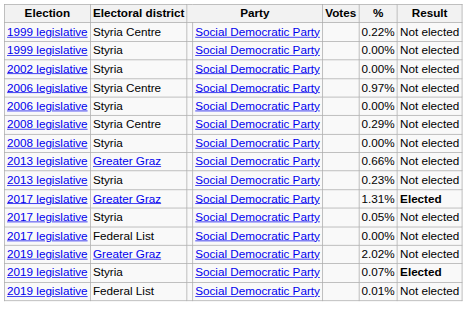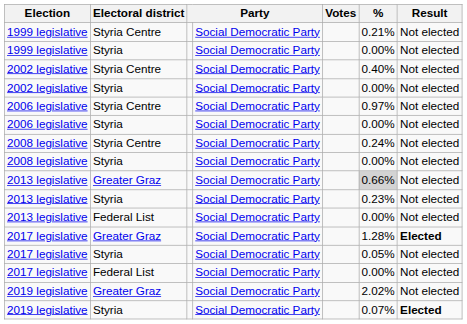 <table class="wikitable" style="text-align:left;">
 <tr>
 <th scope=col>Election</th>
 <th scope=col>Electoral district</th>
 <th scope=col colspan="2">Party</th>
 <th scope=col>Votes</th>
 <th scope=col>%</th>
 <th scope=col>Result</th>
 </tr>
 <tr>
 <td><a href='#'>1999 legislative</a></td>
 <td>Styria Centre</td>
 <td style="background:"></td>
 <td><a href='#'>Social Democratic Party</a></td>
 <td align=right></td>
-<td align=right>0.22%</td>
+<td align=right>0.21%</td>
 <td>Not elected</td>
 </tr>
 <tr>
 <td><a href='#'>1999 legislative</a></td>
 <td>Styria</td>
 <td style="background:"></td>
 <td><a href='#'>Social Democratic Party</a></td>
 <td align=right></td>
 <td align=right>0.00%</td>
+<td>Not elected</td>
+</tr>
+<tr>
+<td><a href='#'>2002 legislative</a></td>
+<td>Styria Centre</td>
+<td style="background:"></td>
+<td><a href='#'>Social Democratic Party</a></td>
+<td align=right></td>
+<td align=right>0.40%</td>
 <td>Not elected</td>
 </tr>
 <tr>
 <td><a href='#'>2002 legislative</a></td>
 <td>Styria</td>
 <td style="background:"></td>
 <td><a href='#'>Social Democratic Party</a></td>
 <td align=right></td>
 <td align=right>0.00%</td>
 <td>Not elected</td>
 </tr>
 <tr>
 <td><a href='#'>2006 legislative</a></td>
 <td>Styria Centre</td>
 <td style="background:"></td>
 <td><a href='#'>Social Democratic Party</a></td>
 <td align=right></td>
 <td align=right>0.97%</td>
 <td>Not elected</td>
 </tr>
 <tr>
 <td><a href='#'>2006 legislative</a></td>
 <td>Styria</td>
 <td style="background:"></td>
 <td><a href='#'>Social Democratic Party</a></td>
 <td align=right></td>
 <td align=right>0.00%</td>
 <td>Not elected</td>
 </tr>
 <tr>
 <td><a href='#'>2008 legislative</a></td>
 <td>Styria Centre</td>
 <td style="background:"></td>
 <td><a href='#'>Social Democratic Party</a></td>
 <td align=right></td>
-<td align=right>0.29%</td>
+<td align=right>0.24%</td>
 <td>Not elected</td>
 </tr>
 <tr>
 <td><a href='#'>2008 legislative</a></td>
 <td>Styria</td>
 <td style="background:"></td>
 <td><a href='#'>Social Democratic Party</a></td>
 <td align=right></td>
 <td align=right>0.00%</td>
 <td>Not elected</td>
 </tr>
 <tr>
 <td><a href='#'>2013 legislative</a></td>
 <td><a href='#'>Greater Graz</a></td>
 <td style="background:"></td>
 <td><a href='#'>Social Democratic Party</a></td>
 <td align=right></td>
-<td align=right>0.66%</td>
+<td align=right style="background: lightgrey;">0.66%</td>
 <td>Not elected</td>
 </tr>
 <tr>
 <td><a href='#'>2013 legislative</a></td>
 <td>Styria</td>
 <td style="background:"></td>
 <td><a href='#'>Social Democratic Party</a></td>
 <td align=right></td>
 <td align=right>0.23%</td>
 <td>Not elected</td>
 </tr>
 <tr>
+<td><a href='#'>2013 legislative</a></td>
+<td>Federal List</td>
+<td style="background:"></td>
+<td><a href='#'>Social Democratic Party</a></td>
+<td align=right></td>
+<td align=right>0.00%</td>
+<td>Not elected</td>
+</tr>
+<tr>
 <td><a href='#'>2017 legislative</a></td>
 <td><a href='#'>Greater Graz</a></td>
 <td style="background:"></td>
 <td><a href='#'>Social Democratic Party</a></td>
 <td align=right></td>
-<td align=right>1.31%</td>
+<td align=right>1.28%</td>
 <td><strong>Elected</strong></td>
 </tr>
 <tr>
 <td><a href='#'>2017 legislative</a></td>
 <td>Styria</td>
 <td style="background:"></td>
 <td><a href='#'>Social Democratic Party</a></td>
 <td align=right></td>
 <td align=right>0.05%</td>
 <td>Not elected</td>
 </tr>
 <tr>
 <td><a href='#'>2017 legislative</a></td>
 <td>Federal List</td>
 <td style="background:"></td>
 <td><a href='#'>Social Democratic Party</a></td>
 <td align=right></td>
 <td align=right>0.00%</td>
 <td>Not elected</td>
 </tr>
 <tr>
 <td><a href='#'>2019 legislative</a></td>
 <td><a href='#'>Greater Graz</a></td>
 <td style="background:"></td>
 <td><a href='#'>Social Democratic Party</a></td>
 <td align=right></td>
 <td align=right>2.02%</td>
 <td>Not elected</td>
 </tr>
 <tr>
 <td><a href='#'>2019 legislative</a></td>
 <td>Styria</td>
 <td style="background:"></td>
 <td><a href='#'>Social Democratic Party</a></td>
 <td align=right></td>
 <td align=right>0.07%</td>
 <td><strong>Elected</strong></td>
 </tr>
-<tr>
-<td><a href='#'>2019 legislative</a></td>
-<td>Federal List</td>
-<td style="background:"></td>
-<td><a href='#'>Social Democratic Party</a></td>
-<td align=right></td>
-<td align=right>0.01%</td>
-<td>Not elected</td>
-</tr>
 </table>
